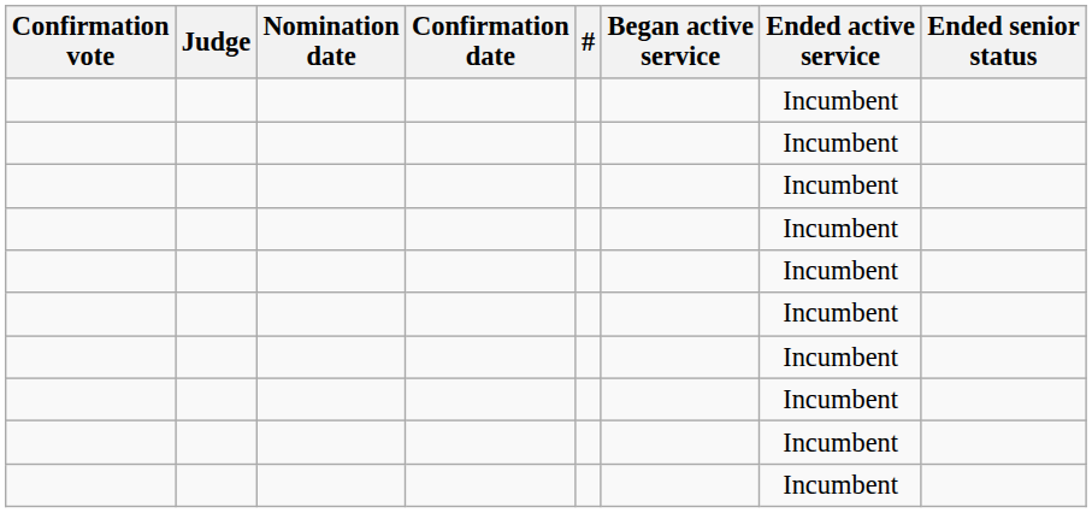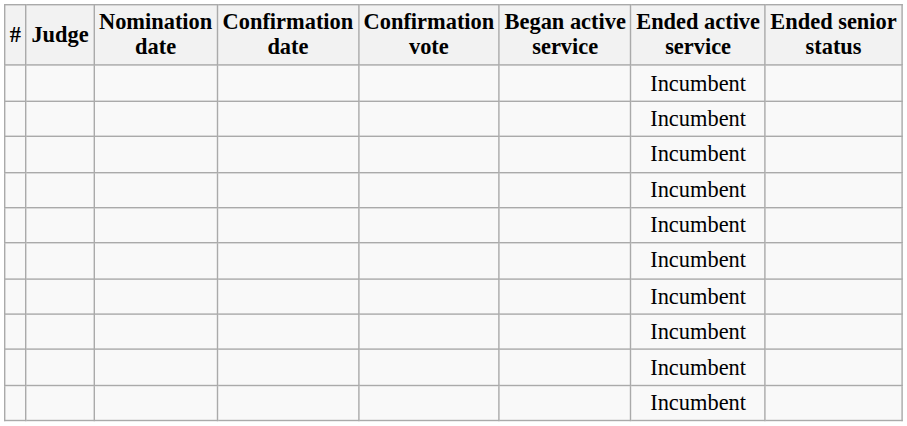 <table class="sortable wikitable">
 <tr bgcolor="#ececec">
-<th>Confirmation<br>vote</th>
+<th>#</th>
 <th>Judge</th>
 <th>Nomination<br>date</th>
 <th>Confirmation<br>date</th>
-<th>#</th>
+<th>Confirmation<br>vote</th>
 <th>Began active<br>service</th>
 <th>Ended active<br>service</th>
 <th>Ended senior<br>status</th>
 </tr>
 <tr>
-<td align="center"></td>
 <td></td>
 <td></td>
 <td></td>
 <td></td>
+<td align="center"></td>
 <td></td>
 <td align="center">Incumbent</td>
 <td align="center"></td>
 </tr>
 <tr>
-<td align="center"></td>
 <td></td>
 <td></td>
 <td></td>
 <td></td>
+<td align="center"></td>
 <td></td>
 <td align="center">Incumbent</td>
 <td align="center"></td>
 </tr>
 <tr>
-<td align="center"></td>
 <td></td>
 <td></td>
 <td></td>
 <td></td>
+<td align="center"></td>
 <td></td>
 <td align="center">Incumbent</td>
 <td align="center"></td>
 </tr>
 <tr>
-<td align="center"></td>
 <td></td>
 <td></td>
 <td></td>
 <td></td>
+<td align="center"></td>
 <td></td>
 <td align="center">Incumbent</td>
 <td align="center"></td>
 </tr>
 <tr>
-<td align="center"></td>
 <td></td>
 <td></td>
 <td></td>
 <td></td>
+<td align="center"></td>
 <td></td>
 <td align="center">Incumbent</td>
 <td align="center"></td>
 </tr>
 <tr>
-<td align="center"></td>
 <td></td>
 <td></td>
 <td></td>
 <td></td>
+<td align="center"></td>
 <td></td>
 <td align="center">Incumbent</td>
 <td align="center"></td>
 </tr>
 <tr>
-<td align="center"></td>
 <td></td>
 <td></td>
 <td></td>
 <td></td>
+<td align="center"></td>
 <td></td>
 <td align="center">Incumbent</td>
 <td align="center"></td>
 </tr>
 <tr>
-<td align="center"></td>
 <td></td>
 <td></td>
 <td></td>
 <td></td>
+<td align="center"></td>
 <td></td>
 <td align="center">Incumbent</td>
 <td align="center"></td>
 </tr>
 <tr>
-<td align="center"></td>
 <td></td>
 <td></td>
 <td></td>
 <td></td>
+<td align="center"></td>
 <td></td>
 <td align="center">Incumbent</td>
 <td align="center"></td>
 </tr>
 <tr>
-<td align="center"></td>
 <td></td>
 <td></td>
 <td></td>
 <td></td>
+<td align="center"></td>
 <td></td>
 <td align="center">Incumbent</td>
 <td align="center"></td>
 </tr>
 </table>
